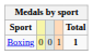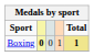 <table class="wikitable" style="font-size:85%; float:right;">
 <tr style="background:#efefef;">
 <th colspan=7>Medals by sport</th>
 </tr>
 <tr align=center>
 <td><strong>Sport</strong></td>
 <td style="background:#f7f6a8;"></td>
 <td style="background:#dce5e5;"></td>
 <td style="background:#ffdab9;"></td>
 <td><strong>Total</strong></td>
 </tr>
 <tr align=center>
 <td><a href='#'>Boxing</a></td>
-<td style="background:#f7f6a8;">0</td>
+<td style="background:#f7f6a8;"><strong>0</strong></td>
 <td style="background:#dce5e5;">0</td>
 <td style="background:#ffdab9;">1</td>
-<td><strong>1</strong></td>
+<td style="background: khaki;"><strong>1</strong></td>
 </tr>
 <tr>
 </tr>
 <tr align=center>
 </tr>
 </table>
